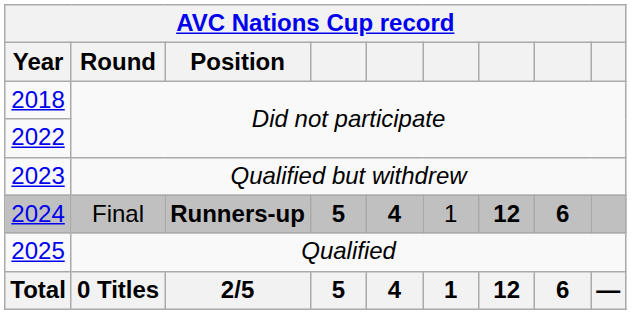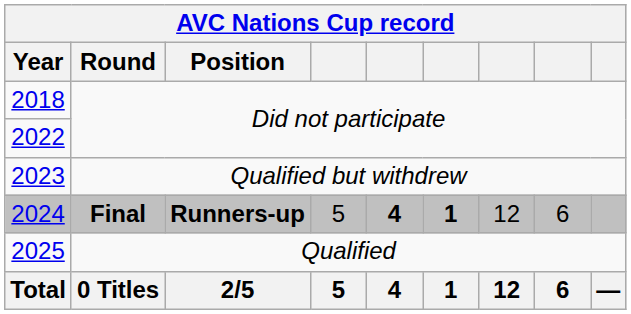 <table class="wikitable" style="text-align: center;">
 <tr>
 <th colspan=10><a href='#'>AVC Nations Cup record</a></th>
 </tr>
 <tr>
 <th>Year</th>
 <th>Round</th>
 <th>Position</th>
 <th width=30></th>
 <th width=30></th>
 <th width=30></th>
 <th width=30></th>
 <th width=30></th>
 <th></th>
 </tr>
 <tr>
 <td> <a href='#'>2018</a></td>
 <td rowspan=2 colspan=8><em>Did not participate</em></td>
 </tr>
 <tr>
 <td> <a href='#'>2022</a></td>
 </tr>
 <tr>
 <td> <a href='#'>2023</a></td>
 <td colspan=8><em>Qualified but withdrew</em></td>
 </tr>
 <tr bgcolor=silver>
 <td> <a href='#'>2024</a></td>
-<td>Final</td>
+<td><strong>Final</strong></td>
 <td><strong> Runners-up</strong></td>
-<td><strong>5</strong></td>
+<td>5</td>
 <td><strong>4</strong></td>
-<td>1</td>
-<td><strong>12</strong></td>
-<td><strong>6</strong></td>
+<td><strong>1</strong></td>
+<td>12</td>
+<td>6</td>
 <td></td>
 </tr>
 <tr>
 <td> <a href='#'>2025</a></td>
 <td colspan=8><em>Qualified</em></td>
 </tr>
 <tr>
 <th>Total</th>
 <th>0 Titles</th>
 <th>2/5</th>
 <th>5</th>
 <th>4</th>
 <th>1</th>
 <th>12</th>
 <th>6</th>
 <th>—</th>
 </tr>
 </table>
